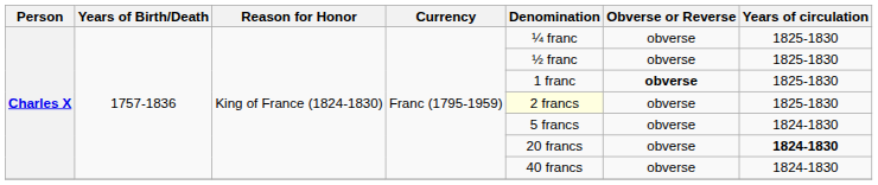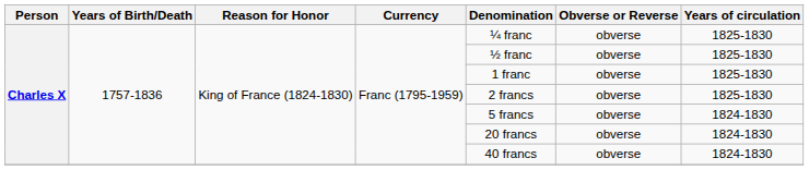 <table class="wikitable" style="font-size:95%; text-align:center;">
 <tr>
 <th>Person</th>
 <th>Years of Birth/Death</th>
 <th>Reason for Honor</th>
 <th>Currency</th>
 <th>Denomination</th>
 <th>Obverse or Reverse</th>
 <th>Years of circulation</th>
 </tr>
 <tr>
 <th rowspan="7"><a href='#'>Charles X</a></th>
 <td rowspan="7">1757-1836</td>
 <td rowspan="7">King of France (1824-1830)</td>
 <td rowspan="7">Franc (1795-1959)</td>
 <td>¼ franc</td>
 <td>obverse</td>
 <td>1825-1830</td>
 </tr>
 <tr>
 <td>½ franc</td>
 <td>obverse</td>
 <td>1825-1830</td>
 </tr>
 <tr>
 <td>1 franc</td>
-<td><strong>obverse</strong></td>
+<td>obverse</td>
 <td>1825-1830</td>
 </tr>
 <tr>
-<td style="background: lightyellow;">2 francs</td>
+<td>2 francs</td>
 <td>obverse</td>
 <td>1825-1830</td>
 </tr>
 <tr>
 <td>5 francs</td>
 <td>obverse</td>
 <td>1824-1830</td>
 </tr>
 <tr>
 <td>20 francs</td>
 <td>obverse</td>
-<td><strong>1824-1830</strong></td>
+<td>1824-1830</td>
 </tr>
 <tr>
 <td>40 francs</td>
 <td>obverse</td>
 <td>1824-1830</td>
 </tr>
 <tr>
 </tr>
 </table>
